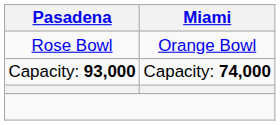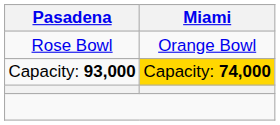 <table class="wikitable" style="text-align:center">
 <tr>
 <th><a href='#'>Pasadena</a></th>
 <th><a href='#'>Miami</a></th>
 </tr>
 <tr>
 <td><a href='#'>Rose Bowl</a></td>
 <td><a href='#'>Orange Bowl</a></td>
 </tr>
 <tr>
 <td>Capacity: <strong>93,000</strong></td>
-<td>Capacity: <strong>74,000</strong></td>
+<td style="background: gold;">Capacity: <strong>74,000</strong></td>
 </tr>
 <tr>
 <th></th>
 <th></th>
 </tr>
 <tr>
 <td colspan="2"><br></td>
 </tr>
 </table>
